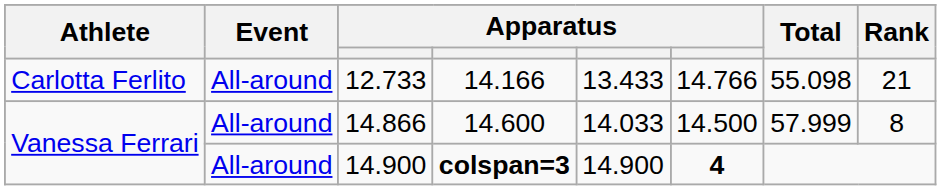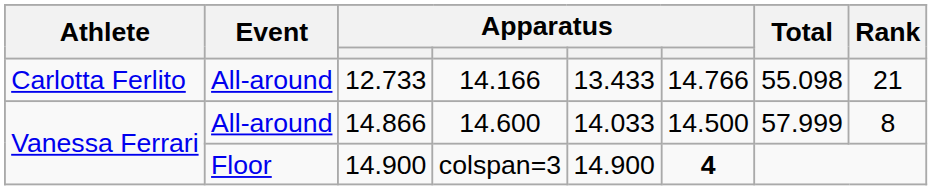 <table class="wikitable" style="font-size:90%">
 <tr>
 <th rowspan=2>Athlete</th>
 <th rowspan=2>Event</th>
 <th colspan =4>Apparatus</th>
 <th rowspan=2>Total</th>
 <th rowspan=2>Rank</th>
 </tr>
 <tr style="font-size:95%">
 <th></th>
 <th></th>
 <th></th>
 <th></th>
 </tr>
 <tr align=center>
 <td align=left><a href='#'>Carlotta Ferlito</a></td>
 <td align=left><a href='#'>All-around</a></td>
 <td>12.733</td>
 <td>14.166</td>
 <td>13.433</td>
 <td>14.766</td>
 <td>55.098</td>
 <td>21</td>
 </tr>
 <tr align=center>
 <td align=left rowspan=2><a href='#'>Vanessa Ferrari</a></td>
 <td align=left><a href='#'>All-around</a></td>
 <td>14.866</td>
 <td>14.600</td>
 <td>14.033</td>
 <td>14.500</td>
 <td>57.999</td>
 <td>8</td>
 </tr>
 <tr align=center>
-<td align=left><a href='#'>All-around</a></td>
+<td align=left><a href='#'>Floor</a></td>
 <td>14.900</td>
-<td><strong>colspan=3 </strong></td>
+<td>colspan=3 </td>
 <td>14.900</td>
 <td><strong>4</strong></td>
 </tr>
 </table>
